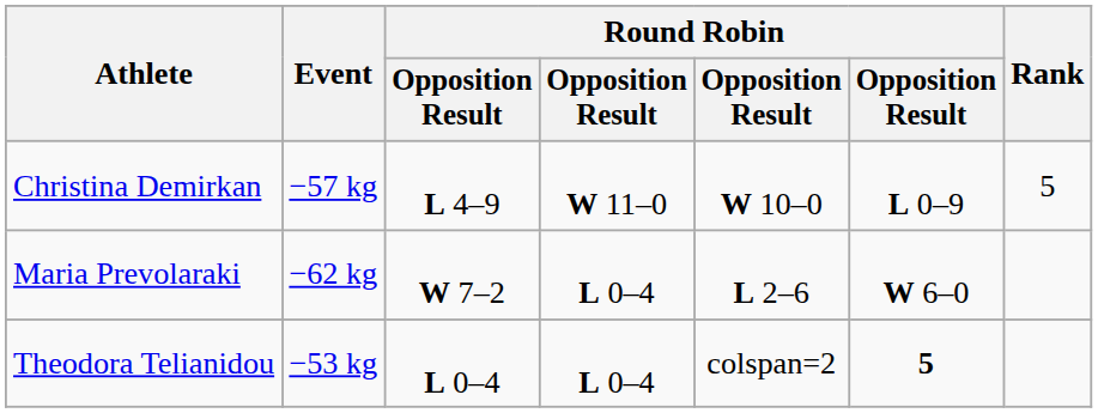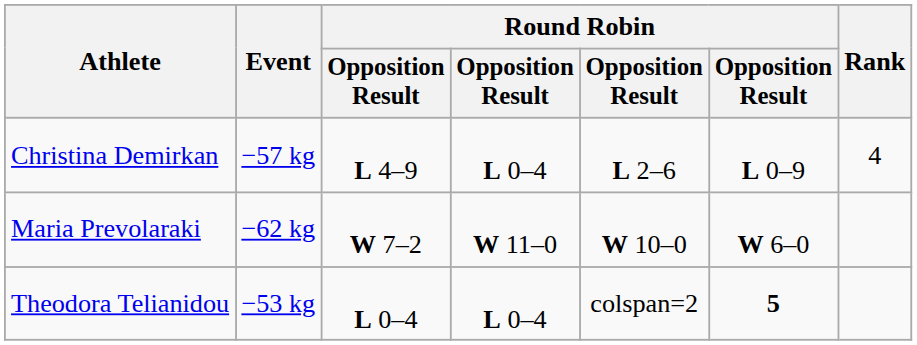 <table class="wikitable" style="font-size:90%">
 <tr>
 <th rowspan="2">Athlete</th>
 <th rowspan="2">Event</th>
 <th colspan="4">Round Robin</th>
 <th rowspan="2">Rank</th>
 </tr>
 <tr style="font-size: 95%">
 <th>Opposition<br>Result</th>
 <th>Opposition<br>Result</th>
 <th>Opposition<br>Result</th>
 <th>Opposition<br>Result</th>
 </tr>
 <tr align=center>
 <td align=left><a href='#'>Christina Demirkan</a></td>
 <td align=left><a href='#'>−57 kg</a></td>
 <td><br><strong>L</strong> 4–9</td>
-<td><br><strong>W</strong> 11–0</td>
-<td><br><strong>W</strong> 10–0</td>
+<td><br><strong>L</strong> 0–4</td>
+<td><br><strong>L</strong> 2–6</td>
 <td><br><strong>L</strong> 0–9</td>
-<td>5</td>
+<td>4</td>
 </tr>
 <tr align=center>
 <td align=left><a href='#'>Maria Prevolaraki</a></td>
 <td align=left><a href='#'>−62 kg</a></td>
 <td><br><strong>W</strong> 7–2</td>
-<td><br><strong>L</strong> 0–4</td>
-<td><br><strong>L</strong> 2–6</td>
+<td><br><strong>W</strong> 11–0</td>
+<td><br><strong>W</strong> 10–0</td>
 <td><br><strong>W</strong> 6–0</td>
 <td></td>
 </tr>
 <tr align=center>
 <td align=left><a href='#'>Theodora Telianidou</a></td>
 <td align=left><a href='#'>−53 kg</a></td>
 <td><br><strong>L</strong> 0–4</td>
 <td><br><strong>L</strong> 0–4</td>
 <td>colspan=2 </td>
 <td><strong>5</strong></td>
 </tr>
 </table>
